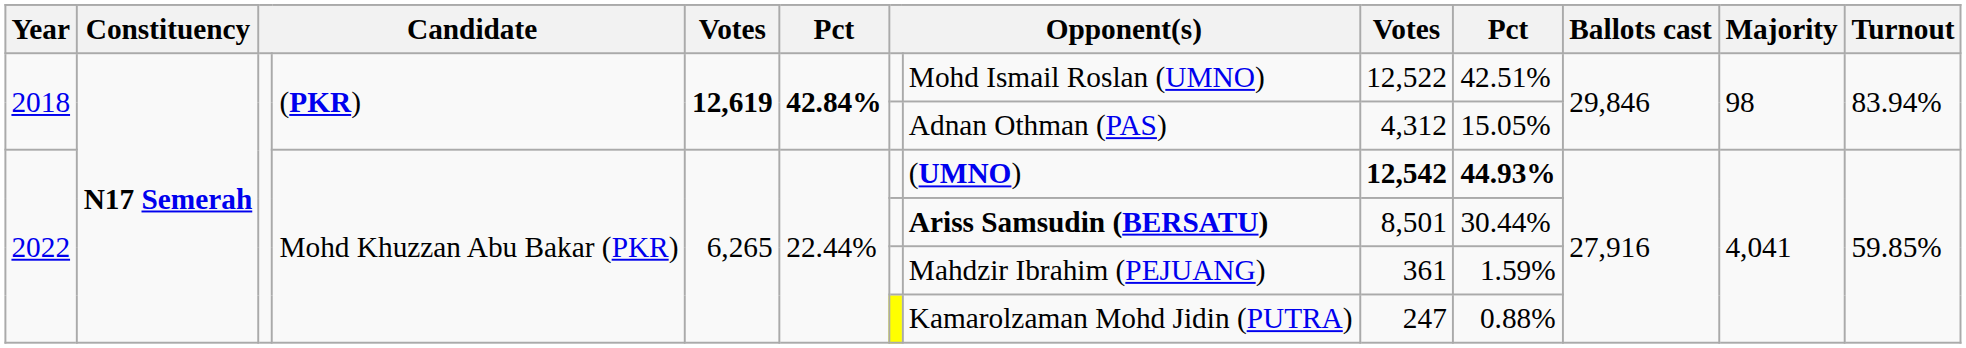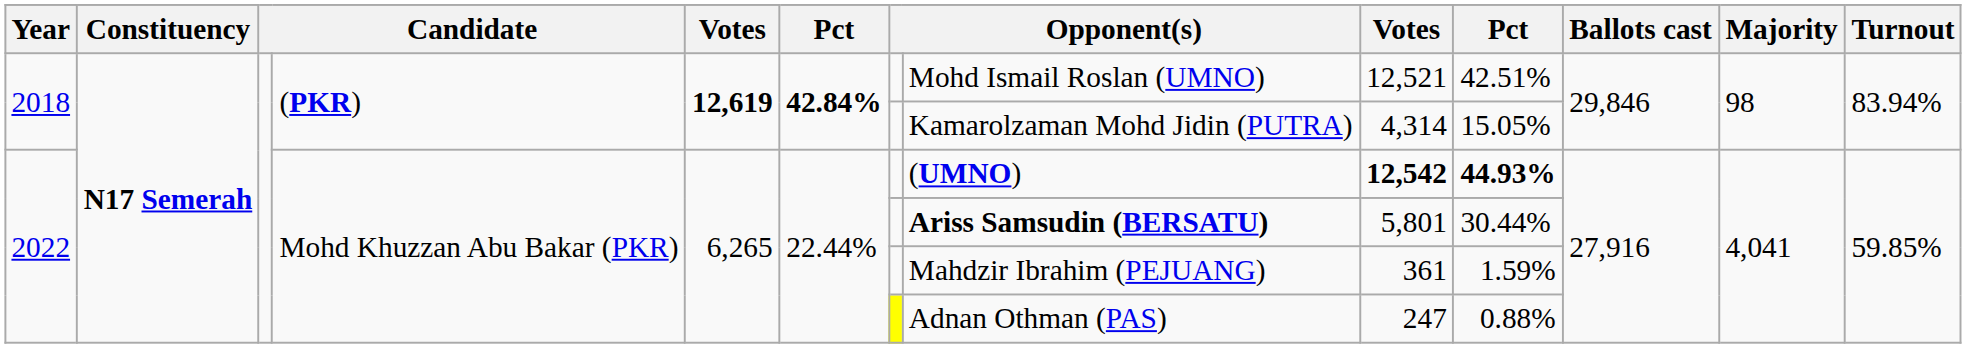 <table class="wikitable" style="margin:0.5em ; font-size:95%">
 <tr>
 <th>Year</th>
 <th>Constituency</th>
 <th colspan=2>Candidate</th>
 <th>Votes</th>
 <th>Pct</th>
 <th colspan=2>Opponent(s)</th>
 <th>Votes</th>
 <th>Pct</th>
 <th>Ballots cast</th>
 <th>Majority</th>
 <th>Turnout</th>
 </tr>
 <tr>
 <td rowspan=2><a href='#'>2018</a></td>
 <td rowspan="6"><strong>N17 <a href='#'>Semerah</a></strong></td>
 <td rowspan="6" ></td>
 <td rowspan=2> (<a href='#'><strong>PKR</strong></a>)</td>
 <td rowspan=2 align="right"><strong>12,619</strong></td>
 <td rowspan=2><strong>42.84%</strong></td>
 <td></td>
 <td>Mohd Ismail Roslan (<a href='#'>UMNO</a>)</td>
-<td align="right">12,522</td>
+<td align="right">12,521</td>
 <td>42.51%</td>
 <td rowspan=2>29,846</td>
 <td rowspan=2>98</td>
 <td rowspan=2>83.94%</td>
 </tr>
 <tr>
 <td></td>
-<td>Adnan Othman (<a href='#'>PAS</a>)</td>
-<td align="right">4,312</td>
+<td>Kamarolzaman Mohd Jidin (<a href='#'>PUTRA</a>)</td>
+<td align="right">4,314</td>
 <td>15.05%</td>
 </tr>
 <tr>
 <td rowspan="4"><a href='#'>2022</a></td>
 <td rowspan="4">Mohd Khuzzan Abu Bakar (<a href='#'>PKR</a>)</td>
 <td rowspan="4" align=right>6,265</td>
 <td rowspan="4">22.44%</td>
 <td></td>
 <td> (<a href='#'><strong>UMNO</strong></a>)</td>
 <td align=right><strong>12,542</strong></td>
 <td><strong>44.93%</strong></td>
 <td rowspan="4">27,916</td>
 <td rowspan="4">4,041</td>
 <td rowspan="4">59.85%</td>
 </tr>
 <tr>
 <td></td>
 <td><strong>Ariss Samsudin (<a href='#'>BERSATU</a>)</strong></td>
-<td align=right>8,501</td>
+<td align=right>5,801</td>
 <td>30.44%</td>
 </tr>
 <tr>
 <td></td>
 <td>Mahdzir Ibrahim (<a href='#'>PEJUANG</a>)</td>
 <td align=right>361</td>
 <td align=right>1.59%</td>
 </tr>
 <tr>
 <td bgcolor=yellow></td>
-<td>Kamarolzaman Mohd Jidin (<a href='#'>PUTRA</a>)</td>
+<td>Adnan Othman (<a href='#'>PAS</a>)</td>
 <td align=right>247</td>
 <td align=right>0.88%</td>
 </tr>
 </table>
